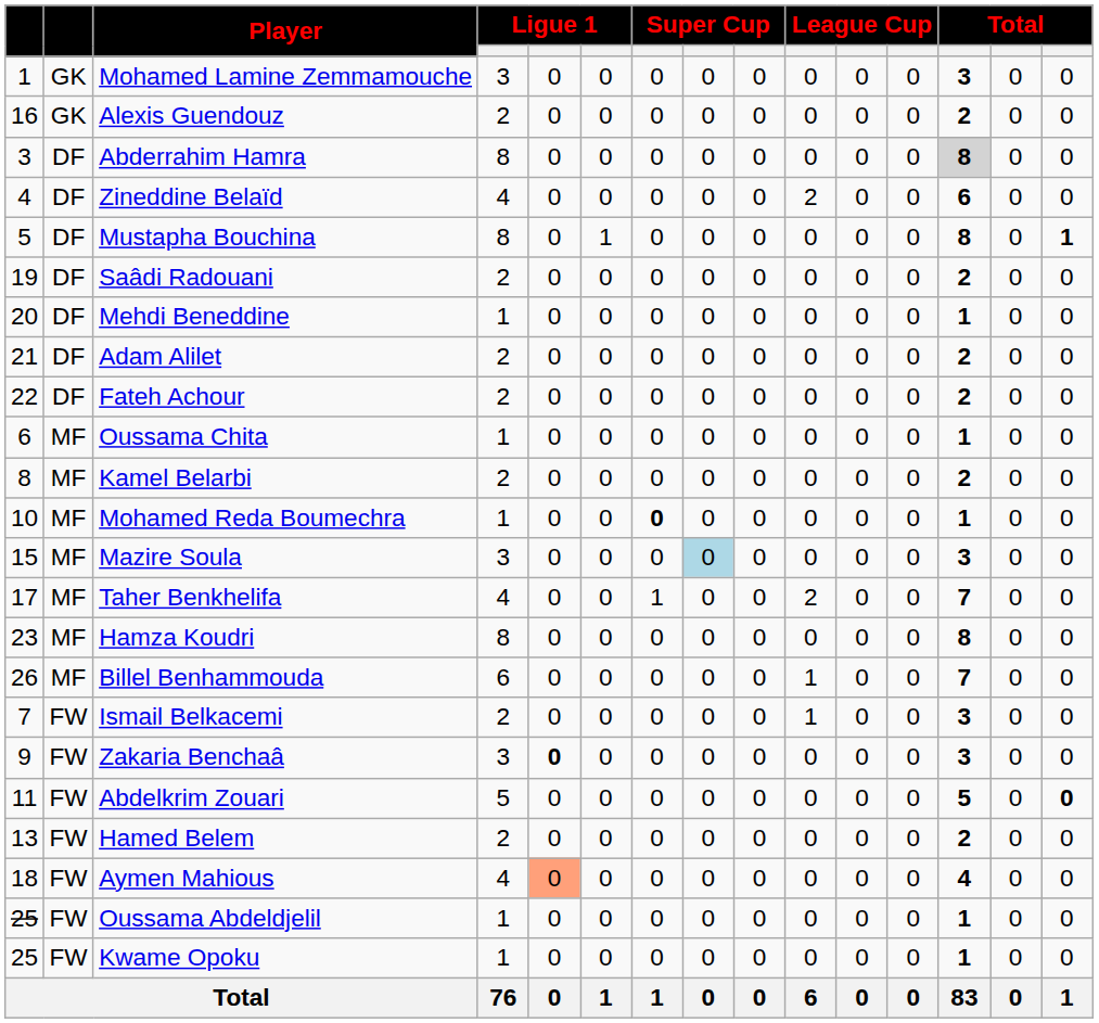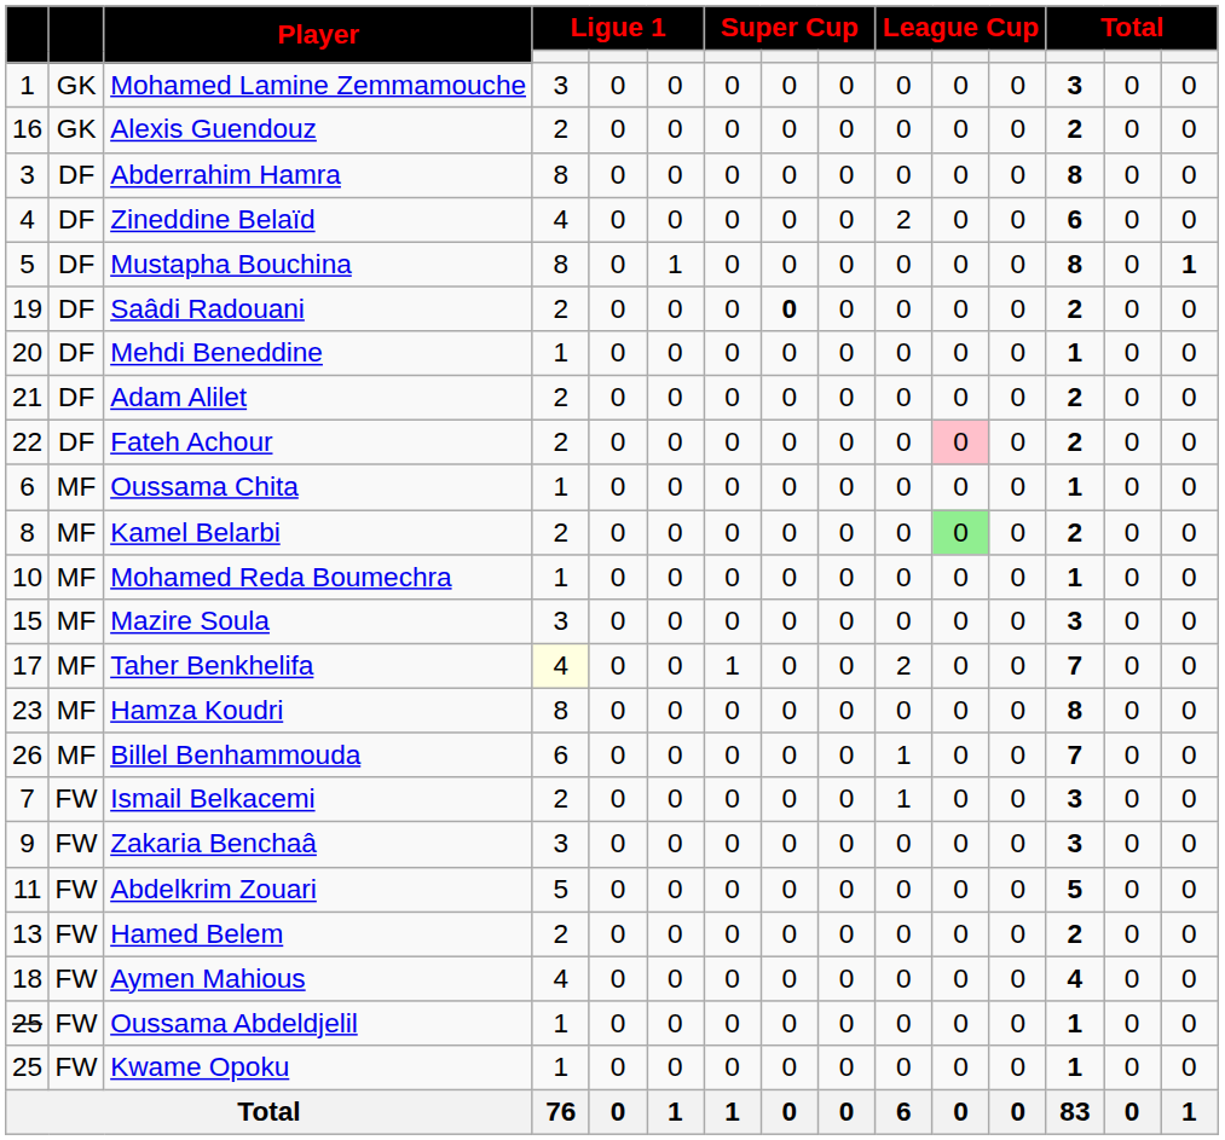 <table class="wikitable sortable nowrap" style="font-size: 96%; text-align: center;">
 <tr>
 <th rowspan="2" style="background:black; color:red; text-align:center;"></th>
 <th rowspan="2" style="background:black; color:red; text-align:center;"></th>
 <th rowspan="2" style="background:black; color:red; text-align:center;">Player</th>
 <th colspan="3" style="background:black; color:red; text-align:center;">Ligue 1</th>
 <th colspan="3" style="background:black; color:red; text-align:center;">Super Cup</th>
 <th colspan="3" style="background:black; color:red; text-align:center;">League Cup</th>
 <th colspan="3" style="background:black; color:red; text-align:center;">Total</th>
 </tr>
 <tr>
 <th width=25></th>
 <th width=25></th>
 <th width=25></th>
 <th width=25></th>
 <th width=25></th>
 <th width=25></th>
 <th width=25></th>
 <th width=25></th>
 <th width=25></th>
 <th width=25></th>
 <th width=25></th>
 <th width=25></th>
 </tr>
 <tr>
 <td>1</td>
 <td>GK</td>
 <td style="text-align:left"> <a href='#'>Mohamed Lamine Zemmamouche</a></td>
 <td>3</td>
 <td>0</td>
 <td>0</td>
 <td>0</td>
 <td>0</td>
 <td>0</td>
 <td>0</td>
 <td>0</td>
 <td>0</td>
 <td><strong>3</strong></td>
 <td>0</td>
 <td>0</td>
 </tr>
 <tr>
 <td>16</td>
 <td>GK</td>
 <td style="text-align:left"> <a href='#'>Alexis Guendouz</a></td>
 <td>2</td>
 <td>0</td>
 <td>0</td>
 <td>0</td>
 <td>0</td>
 <td>0</td>
 <td>0</td>
 <td>0</td>
 <td>0</td>
 <td><strong>2</strong></td>
 <td>0</td>
 <td>0</td>
 </tr>
 <tr>
 <td>3</td>
 <td>DF</td>
 <td style="text-align:left"> <a href='#'>Abderrahim Hamra</a></td>
 <td>8</td>
 <td>0</td>
 <td>0</td>
 <td>0</td>
 <td>0</td>
 <td>0</td>
 <td>0</td>
 <td>0</td>
 <td>0</td>
-<td style="background: lightgrey;"><strong>8</strong></td>
+<td><strong>8</strong></td>
 <td>0</td>
 <td>0</td>
 </tr>
 <tr>
 <td>4</td>
 <td>DF</td>
 <td style="text-align:left"> <a href='#'>Zineddine Belaïd</a></td>
 <td>4</td>
 <td>0</td>
 <td>0</td>
 <td>0</td>
 <td>0</td>
 <td>0</td>
 <td>2</td>
 <td>0</td>
 <td>0</td>
 <td><strong>6</strong></td>
 <td>0</td>
 <td>0</td>
 </tr>
 <tr>
 <td>5</td>
 <td>DF</td>
 <td style="text-align:left"> <a href='#'>Mustapha Bouchina</a></td>
 <td>8</td>
 <td>0</td>
 <td>1</td>
 <td>0</td>
 <td>0</td>
 <td>0</td>
 <td>0</td>
 <td>0</td>
 <td>0</td>
 <td><strong>8</strong></td>
 <td>0</td>
 <td><strong>1</strong></td>
 </tr>
 <tr>
 <td>19</td>
 <td>DF</td>
 <td style="text-align:left"> <a href='#'>Saâdi Radouani</a></td>
 <td>2</td>
 <td>0</td>
 <td>0</td>
 <td>0</td>
-<td>0</td>
+<td><strong>0</strong></td>
 <td>0</td>
 <td>0</td>
 <td>0</td>
 <td>0</td>
 <td><strong>2</strong></td>
 <td>0</td>
 <td>0</td>
 </tr>
 <tr>
 <td>20</td>
 <td>DF</td>
 <td style="text-align:left"> <a href='#'>Mehdi Beneddine</a></td>
 <td>1</td>
 <td>0</td>
 <td>0</td>
 <td>0</td>
 <td>0</td>
 <td>0</td>
 <td>0</td>
 <td>0</td>
 <td>0</td>
 <td><strong>1</strong></td>
 <td>0</td>
 <td>0</td>
 </tr>
 <tr>
 <td>21</td>
 <td>DF</td>
 <td style="text-align:left"> <a href='#'>Adam Alilet</a></td>
 <td>2</td>
 <td>0</td>
 <td>0</td>
 <td>0</td>
 <td>0</td>
 <td>0</td>
 <td>0</td>
 <td>0</td>
 <td>0</td>
 <td><strong>2</strong></td>
 <td>0</td>
 <td>0</td>
 </tr>
 <tr>
 <td>22</td>
 <td>DF</td>
 <td style="text-align:left"> <a href='#'>Fateh Achour</a></td>
 <td>2</td>
 <td>0</td>
 <td>0</td>
 <td>0</td>
 <td>0</td>
 <td>0</td>
 <td>0</td>
-<td>0</td>
+<td style="background: pink;">0</td>
 <td>0</td>
 <td><strong>2</strong></td>
 <td>0</td>
 <td>0</td>
 </tr>
 <tr>
 <td>6</td>
 <td>MF</td>
 <td style="text-align:left"> <a href='#'>Oussama Chita</a></td>
 <td>1</td>
 <td>0</td>
 <td>0</td>
 <td>0</td>
 <td>0</td>
 <td>0</td>
 <td>0</td>
 <td>0</td>
 <td>0</td>
 <td><strong>1</strong></td>
 <td>0</td>
 <td>0</td>
 </tr>
 <tr>
 <td>8</td>
 <td>MF</td>
 <td style="text-align:left"> <a href='#'>Kamel Belarbi</a></td>
 <td>2</td>
 <td>0</td>
 <td>0</td>
 <td>0</td>
 <td>0</td>
 <td>0</td>
 <td>0</td>
-<td>0</td>
+<td style="background: lightgreen;">0</td>
 <td>0</td>
 <td><strong>2</strong></td>
 <td>0</td>
 <td>0</td>
 </tr>
 <tr>
 <td>10</td>
 <td>MF</td>
 <td style="text-align:left"> <a href='#'>Mohamed Reda Boumechra</a></td>
 <td>1</td>
 <td>0</td>
 <td>0</td>
-<td><strong>0</strong></td>
+<td>0</td>
 <td>0</td>
 <td>0</td>
 <td>0</td>
 <td>0</td>
 <td>0</td>
 <td><strong>1</strong></td>
 <td>0</td>
 <td>0</td>
 </tr>
 <tr>
 <td>15</td>
 <td>MF</td>
 <td style="text-align:left"> <a href='#'>Mazire Soula</a></td>
 <td>3</td>
 <td>0</td>
 <td>0</td>
 <td>0</td>
-<td style="background: lightblue;">0</td>
+<td>0</td>
 <td>0</td>
 <td>0</td>
 <td>0</td>
 <td>0</td>
 <td><strong>3</strong></td>
 <td>0</td>
 <td>0</td>
 </tr>
 <tr>
 <td>17</td>
 <td>MF</td>
 <td style="text-align:left"> <a href='#'>Taher Benkhelifa</a></td>
-<td>4</td>
+<td style="background: lightyellow;">4</td>
 <td>0</td>
 <td>0</td>
 <td>1</td>
 <td>0</td>
 <td>0</td>
 <td>2</td>
 <td>0</td>
 <td>0</td>
 <td><strong>7</strong></td>
 <td>0</td>
 <td>0</td>
 </tr>
 <tr>
 <td>23</td>
 <td>MF</td>
 <td style="text-align:left"> <a href='#'>Hamza Koudri</a></td>
 <td>8</td>
 <td>0</td>
 <td>0</td>
 <td>0</td>
 <td>0</td>
 <td>0</td>
 <td>0</td>
 <td>0</td>
 <td>0</td>
 <td><strong>8</strong></td>
 <td>0</td>
 <td>0</td>
 </tr>
 <tr>
 <td>26</td>
 <td>MF</td>
 <td style="text-align:left"> <a href='#'>Billel Benhammouda</a></td>
 <td>6</td>
 <td>0</td>
 <td>0</td>
 <td>0</td>
 <td>0</td>
 <td>0</td>
 <td>1</td>
 <td>0</td>
 <td>0</td>
 <td><strong>7</strong></td>
 <td>0</td>
 <td>0</td>
 </tr>
 <tr>
 <td>7</td>
 <td>FW</td>
 <td style="text-align:left"> <a href='#'>Ismail Belkacemi</a></td>
 <td>2</td>
 <td>0</td>
 <td>0</td>
 <td>0</td>
 <td>0</td>
 <td>0</td>
 <td>1</td>
 <td>0</td>
 <td>0</td>
 <td><strong>3</strong></td>
 <td>0</td>
 <td>0</td>
 </tr>
 <tr>
 <td>9</td>
 <td>FW</td>
 <td style="text-align:left"> <a href='#'>Zakaria Benchaâ</a></td>
 <td>3</td>
-<td><strong>0</strong></td>
+<td>0</td>
 <td>0</td>
 <td>0</td>
 <td>0</td>
 <td>0</td>
 <td>0</td>
 <td>0</td>
 <td>0</td>
 <td><strong>3</strong></td>
 <td>0</td>
 <td>0</td>
 </tr>
 <tr>
 <td>11</td>
 <td>FW</td>
 <td style="text-align:left"> <a href='#'>Abdelkrim Zouari</a></td>
 <td>5</td>
 <td>0</td>
 <td>0</td>
 <td>0</td>
 <td>0</td>
 <td>0</td>
 <td>0</td>
 <td>0</td>
 <td>0</td>
 <td><strong>5</strong></td>
 <td>0</td>
-<td><strong>0</strong></td>
+<td>0</td>
 </tr>
 <tr>
 <td>13</td>
 <td>FW</td>
 <td style="text-align:left"> <a href='#'>Hamed Belem</a></td>
 <td>2</td>
 <td>0</td>
 <td>0</td>
 <td>0</td>
 <td>0</td>
 <td>0</td>
 <td>0</td>
 <td>0</td>
 <td>0</td>
 <td><strong>2</strong></td>
 <td>0</td>
 <td>0</td>
 </tr>
 <tr>
 <td>18</td>
 <td>FW</td>
 <td style="text-align:left"> <a href='#'>Aymen Mahious</a></td>
 <td>4</td>
-<td style="background: lightsalmon;">0</td>
+<td>0</td>
 <td>0</td>
 <td>0</td>
 <td>0</td>
 <td>0</td>
 <td>0</td>
 <td>0</td>
 <td>0</td>
 <td><strong>4</strong></td>
 <td>0</td>
 <td>0</td>
 </tr>
 <tr>
 <td><s>25</s></td>
 <td>FW</td>
 <td style="text-align:left"> <a href='#'>Oussama Abdeldjelil</a></td>
 <td>1</td>
 <td>0</td>
 <td>0</td>
 <td>0</td>
 <td>0</td>
 <td>0</td>
 <td>0</td>
 <td>0</td>
 <td>0</td>
 <td><strong>1</strong></td>
 <td>0</td>
 <td>0</td>
 </tr>
 <tr>
 <td>25</td>
 <td>FW</td>
 <td style="text-align:left"> <a href='#'>Kwame Opoku</a></td>
 <td>1</td>
 <td>0</td>
 <td>0</td>
 <td>0</td>
 <td>0</td>
 <td>0</td>
 <td>0</td>
 <td>0</td>
 <td>0</td>
 <td><strong>1</strong></td>
 <td>0</td>
 <td>0</td>
 </tr>
 <tr>
 <th colspan="3">Total</th>
 <th>76</th>
 <th>0</th>
 <th>1</th>
 <th>1</th>
 <th>0</th>
 <th>0</th>
 <th>6</th>
 <th>0</th>
 <th>0</th>
 <th>83</th>
 <th>0</th>
 <th>1</th>
 </tr>
 </table>
